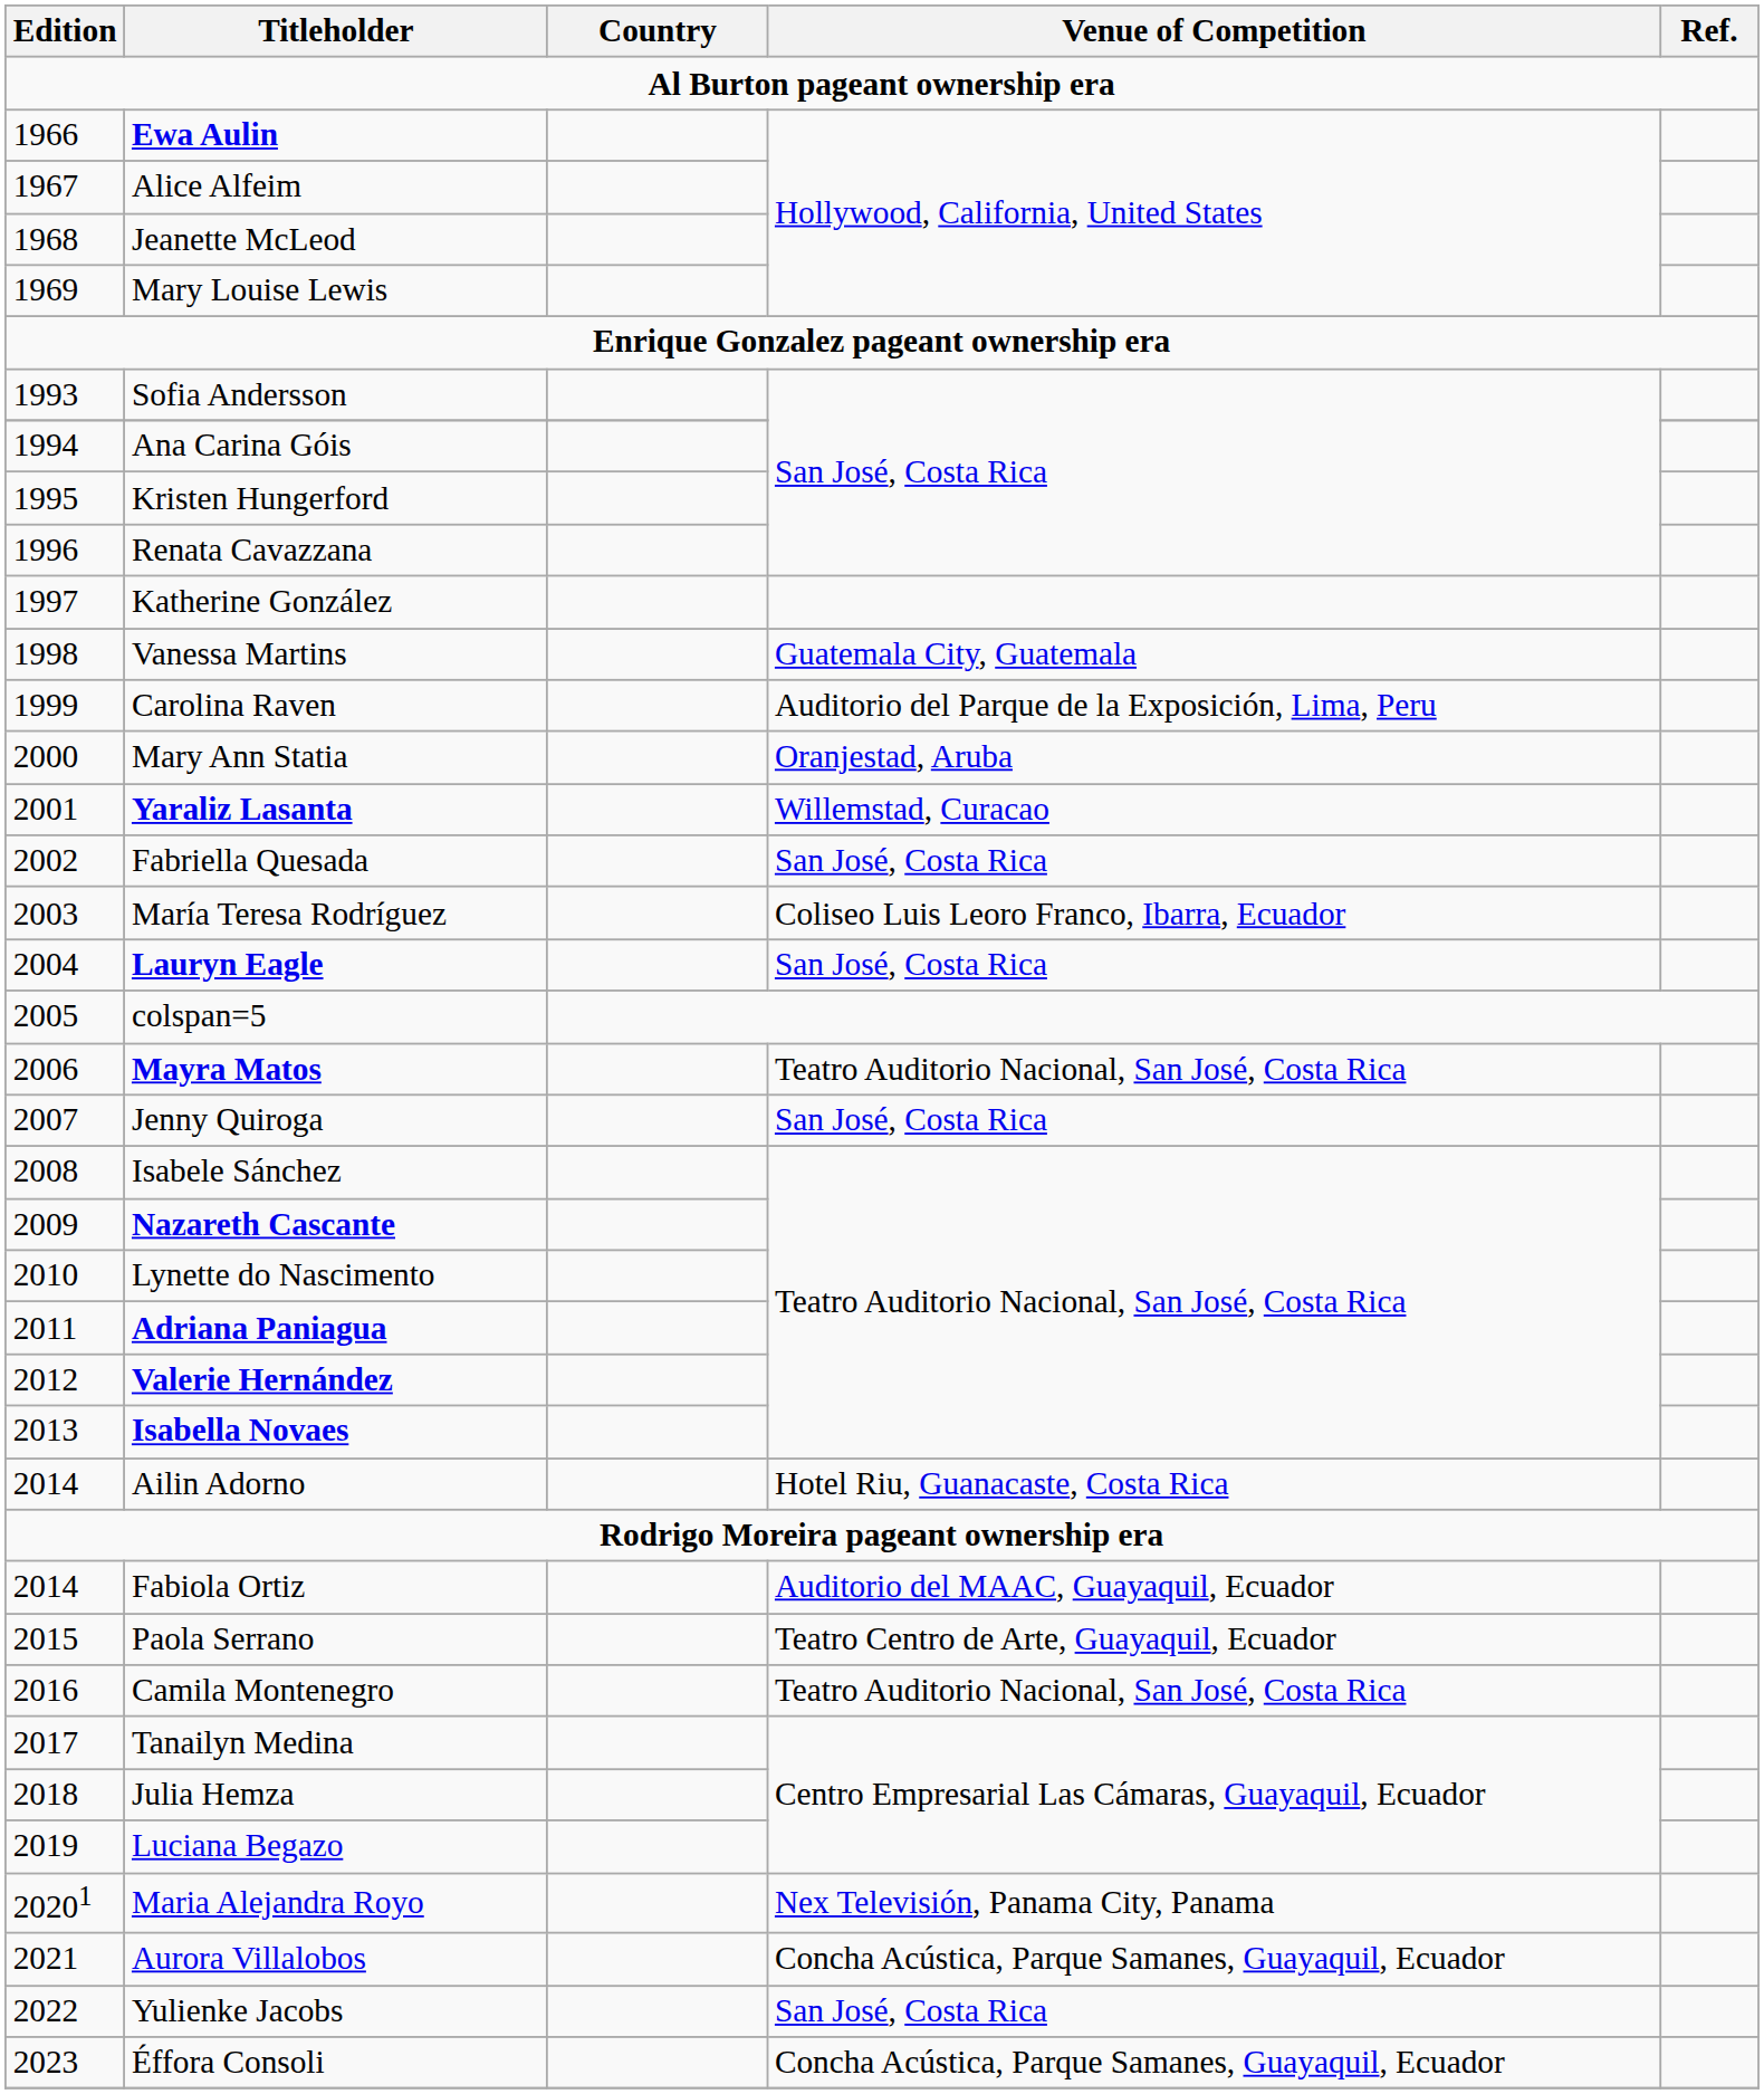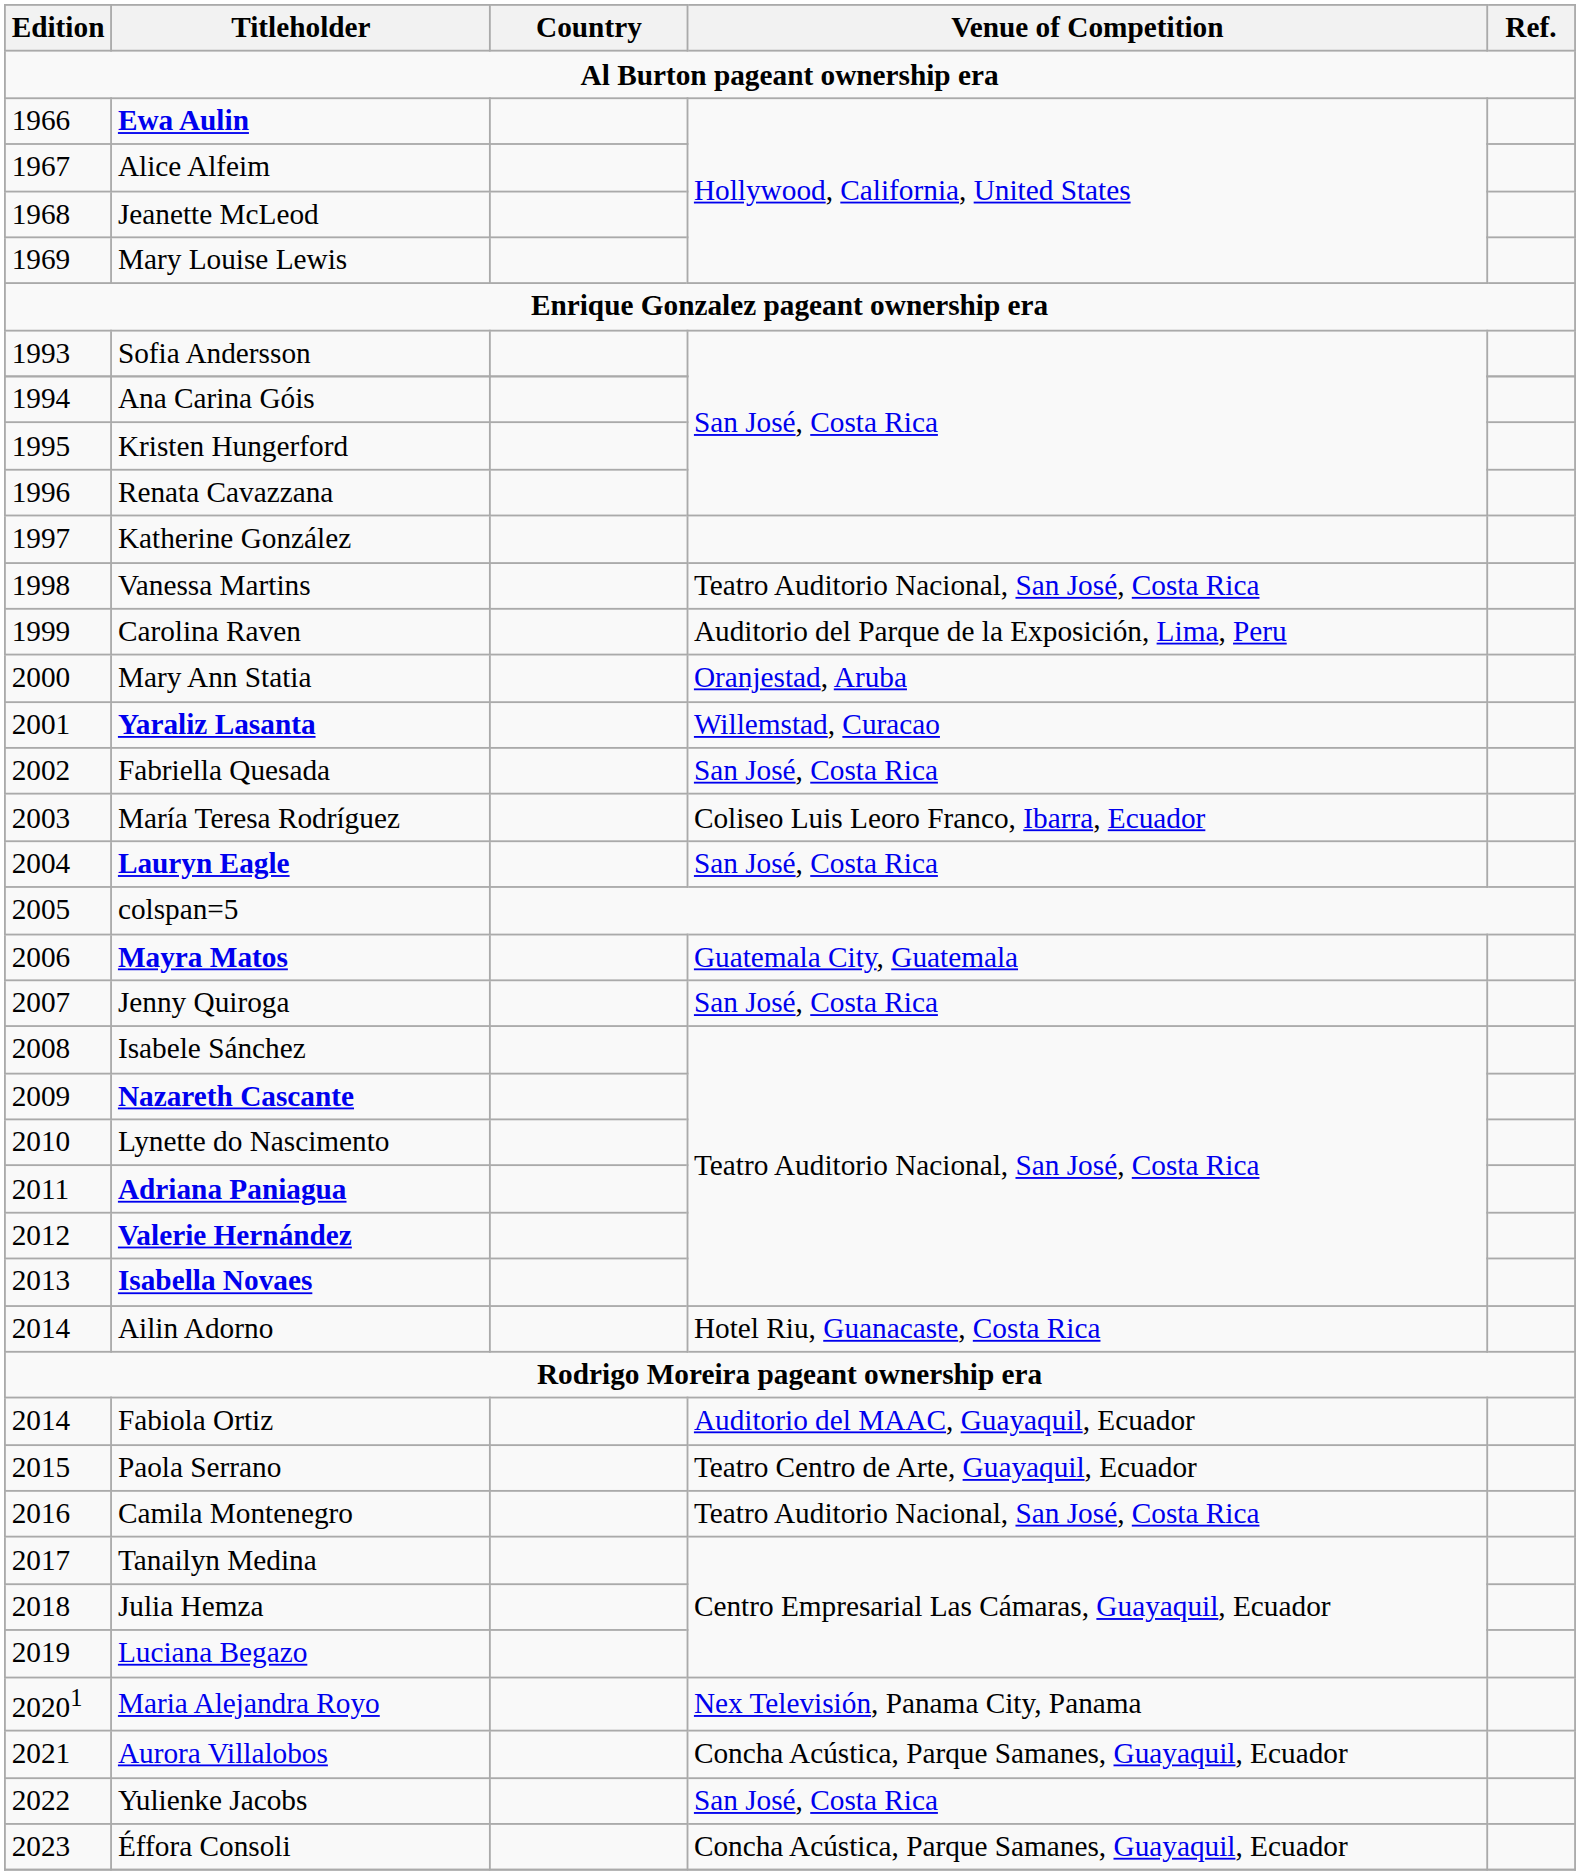 <table class="wikitable sortable" font-size: 95%;">
 <tr>
 <th width="40">Edition</th>
 <th width="200">Titleholder</th>
 <th width="100">Country</th>
 <th width="430">Venue of Competition</th>
 <th width="40">Ref.</th>
 </tr>
 <tr>
 <td colspan="7" align="center"><strong>Al Burton pageant ownership era</strong></td>
 </tr>
 <tr>
 <td>1966</td>
 <td><strong><a href='#'>Ewa Aulin</a></strong></td>
 <td></td>
 <td rowspan="4"><a href='#'>Hollywood</a>, <a href='#'>California</a>, <a href='#'>United States</a></td>
 <td></td>
 </tr>
 <tr>
 <td>1967</td>
 <td>Alice Alfeim</td>
 <td></td>
 <td></td>
 </tr>
 <tr>
 <td>1968</td>
 <td>Jeanette McLeod</td>
 <td></td>
 <td></td>
 </tr>
 <tr>
 <td>1969</td>
 <td>Mary Louise Lewis</td>
 <td></td>
 <td></td>
 </tr>
 <tr>
 <td colspan="7" align="center"><strong>Enrique Gonzalez pageant ownership era</strong></td>
 </tr>
 <tr>
 <td>1993</td>
 <td>Sofia Andersson</td>
 <td></td>
 <td rowspan=5><a href='#'>San José</a>, <a href='#'>Costa Rica</a></td>
 <td></td>
 </tr>
 <tr>
 </tr>
 <tr>
 <td>1994</td>
 <td>Ana Carina Góis</td>
 <td></td>
 <td></td>
 </tr>
 <tr>
 <td>1995</td>
 <td>Kristen Hungerford</td>
 <td></td>
 <td></td>
 </tr>
 <tr>
 <td>1996</td>
 <td>Renata Cavazzana</td>
 <td></td>
 <td></td>
 </tr>
 <tr>
 <td>1997</td>
 <td>Katherine González</td>
 <td></td>
 <td></td>
 </tr>
 <tr>
 <td>1998</td>
 <td>Vanessa Martins</td>
 <td></td>
-<td><a href='#'>Guatemala City</a>, <a href='#'>Guatemala</a></td>
+<td>Teatro Auditorio Nacional, <a href='#'>San José</a>, <a href='#'>Costa Rica</a></td>
 <td></td>
 </tr>
 <tr>
 <td>1999</td>
 <td>Carolina Raven</td>
 <td></td>
 <td>Auditorio del Parque de la Exposición, <a href='#'>Lima</a>, <a href='#'>Peru</a></td>
 <td></td>
 </tr>
 <tr>
 <td>2000</td>
 <td>Mary Ann Statia</td>
 <td></td>
 <td><a href='#'>Oranjestad</a>, <a href='#'>Aruba</a></td>
 <td></td>
 </tr>
 <tr>
 <td>2001</td>
 <td><strong><a href='#'>Yaraliz Lasanta</a></strong></td>
 <td></td>
 <td><a href='#'>Willemstad</a>, <a href='#'>Curacao</a></td>
 <td></td>
 </tr>
 <tr>
 <td>2002</td>
 <td>Fabriella Quesada</td>
 <td></td>
 <td><a href='#'>San José</a>, <a href='#'>Costa Rica</a></td>
 <td></td>
 </tr>
 <tr>
 <td>2003</td>
 <td>María Teresa Rodríguez</td>
 <td></td>
 <td>Coliseo Luis Leoro Franco, <a href='#'>Ibarra</a>, <a href='#'>Ecuador</a></td>
 <td></td>
 </tr>
 <tr>
 <td>2004</td>
 <td><strong><a href='#'>Lauryn Eagle</a></strong></td>
 <td></td>
 <td><a href='#'>San José</a>, <a href='#'>Costa Rica</a></td>
 <td></td>
 </tr>
 <tr>
 <td>2005</td>
 <td>colspan=5 </td>
 </tr>
 <tr>
 <td>2006</td>
 <td><strong><a href='#'>Mayra Matos</a></strong></td>
 <td></td>
-<td>Teatro Auditorio Nacional, <a href='#'>San José</a>, <a href='#'>Costa Rica</a></td>
+<td><a href='#'>Guatemala City</a>, <a href='#'>Guatemala</a></td>
 <td></td>
 </tr>
 <tr>
 <td>2007</td>
 <td>Jenny Quiroga</td>
 <td></td>
 <td><a href='#'>San José</a>, <a href='#'>Costa Rica</a></td>
 <td></td>
 </tr>
 <tr>
 <td>2008</td>
 <td>Isabele Sánchez</td>
 <td></td>
 <td rowspan=6>Teatro Auditorio Nacional, <a href='#'>San José</a>, <a href='#'>Costa Rica</a></td>
 <td></td>
 </tr>
 <tr>
 <td>2009</td>
 <td><strong><a href='#'>Nazareth Cascante</a></strong></td>
 <td></td>
 <td></td>
 </tr>
 <tr>
 <td>2010</td>
 <td>Lynette do Nascimento</td>
 <td></td>
 <td></td>
 </tr>
 <tr>
 <td>2011</td>
 <td><strong><a href='#'>Adriana Paniagua</a></strong></td>
 <td></td>
 <td></td>
 </tr>
 <tr>
 <td>2012</td>
 <td><strong><a href='#'>Valerie Hernández</a></strong></td>
 <td></td>
 <td></td>
 </tr>
 <tr>
 <td>2013</td>
 <td><strong><a href='#'>Isabella Novaes</a></strong></td>
 <td></td>
 <td></td>
 </tr>
 <tr>
 <td>2014</td>
 <td>Ailin Adorno</td>
 <td></td>
 <td>Hotel Riu, <a href='#'>Guanacaste</a>, <a href='#'>Costa Rica</a></td>
 <td></td>
 </tr>
 <tr>
 <td colspan="7" align="center"><strong>Rodrigo Moreira pageant ownership era</strong></td>
 </tr>
 <tr>
 <td>2014</td>
 <td>Fabiola Ortiz</td>
 <td></td>
 <td rowspan="1"><a href='#'>Auditorio del MAAC</a>, <a href='#'>Guayaquil</a>, Ecuador</td>
 <td></td>
 </tr>
 <tr>
 <td>2015</td>
 <td>Paola Serrano</td>
 <td></td>
 <td rowspan="1">Teatro Centro de Arte, <a href='#'>Guayaquil</a>, Ecuador</td>
 <td></td>
 </tr>
 <tr>
 <td>2016</td>
 <td>Camila Montenegro</td>
 <td></td>
 <td>Teatro Auditorio Nacional, <a href='#'>San José</a>, <a href='#'>Costa Rica</a></td>
 <td></td>
 </tr>
 <tr>
 <td>2017</td>
 <td>Tanailyn Medina</td>
 <td></td>
 <td rowspan="3">Centro Empresarial Las Cámaras, <a href='#'>Guayaquil</a>, Ecuador</td>
 <td></td>
 </tr>
 <tr>
 <td>2018</td>
 <td>Julia Hemza</td>
 <td></td>
 <td></td>
 </tr>
 <tr>
 <td>2019</td>
 <td><a href='#'>Luciana Begazo</a></td>
 <td></td>
 <td></td>
 </tr>
 <tr>
 <td>2020<sup>1</sup></td>
 <td><a href='#'>Maria Alejandra Royo</a></td>
 <td></td>
 <td rowspan="1"><a href='#'>Nex Televisión</a>, Panama City, Panama</td>
 <td></td>
 </tr>
 <tr>
 <td>2021</td>
 <td><a href='#'>Aurora Villalobos</a></td>
 <td></td>
 <td rowspan="1">Concha Acústica, Parque Samanes, <a href='#'>Guayaquil</a>, Ecuador</td>
 <td></td>
 </tr>
 <tr>
 <td>2022</td>
 <td>Yulienke Jacobs</td>
 <td></td>
 <td><a href='#'>San José</a>, <a href='#'>Costa Rica</a></td>
 <td></td>
 </tr>
 <tr>
 <td>2023</td>
 <td>Éffora Consoli</td>
 <td></td>
 <td rowspan="1">Concha Acústica, Parque Samanes, <a href='#'>Guayaquil</a>, Ecuador</td>
 <td></td>
 </tr>
 <tr>
 </tr>
 </table>
